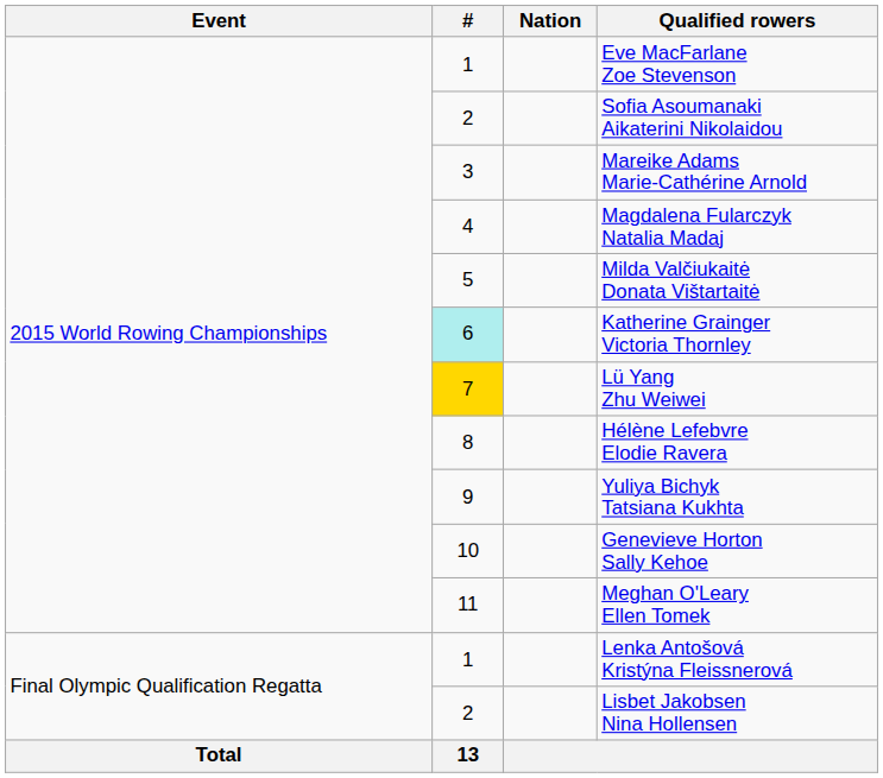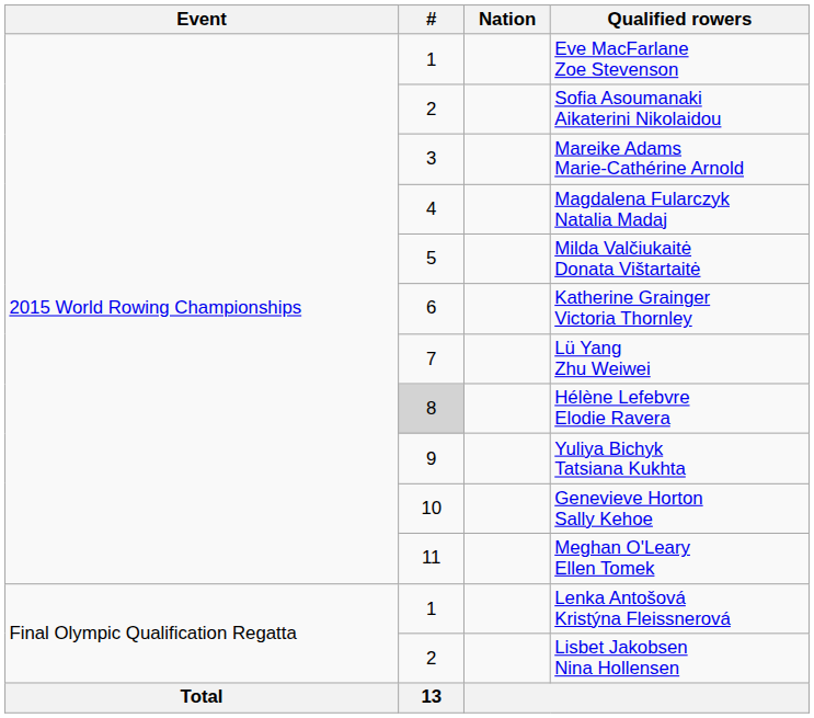 <table class="wikitable"  style="width:700px; text-align:center;">
 <tr>
 <th>Event</th>
 <th width=50>#</th>
 <th>Nation</th>
 <th>Qualified rowers</th>
 </tr>
 <tr>
 <td rowspan=11 align=left><a href='#'>2015 World Rowing Championships</a></td>
 <td>1</td>
 <td align=left></td>
 <td align=left><a href='#'>Eve MacFarlane</a><br><a href='#'>Zoe Stevenson</a></td>
 </tr>
 <tr>
 <td>2</td>
 <td align=left></td>
 <td align=left><a href='#'>Sofia Asoumanaki</a><br><a href='#'>Aikaterini Nikolaidou</a></td>
 </tr>
 <tr>
 <td>3</td>
 <td align=left></td>
 <td align=left><a href='#'>Mareike Adams</a><br><a href='#'>Marie-Cathérine Arnold</a></td>
 </tr>
 <tr>
 <td>4</td>
 <td align=left></td>
 <td align=left><a href='#'>Magdalena Fularczyk</a><br><a href='#'>Natalia Madaj</a></td>
 </tr>
 <tr>
 <td>5</td>
 <td align=left></td>
 <td align=left><a href='#'>Milda Valčiukaitė</a><br><a href='#'>Donata Vištartaitė</a></td>
 </tr>
 <tr>
-<td style="background: paleturquoise;">6</td>
+<td>6</td>
 <td align=left></td>
 <td align=left><a href='#'>Katherine Grainger</a><br><a href='#'>Victoria Thornley</a></td>
 </tr>
 <tr>
-<td style="background: gold;">7</td>
+<td>7</td>
 <td align=left></td>
 <td align=left><a href='#'>Lü Yang</a><br><a href='#'>Zhu Weiwei</a></td>
 </tr>
 <tr>
-<td>8</td>
+<td style="background: lightgrey;">8</td>
 <td align=left></td>
 <td align=left><a href='#'>Hélène Lefebvre</a><br><a href='#'>Elodie Ravera</a></td>
 </tr>
 <tr>
 <td>9</td>
 <td align=left></td>
 <td align=left><a href='#'>Yuliya Bichyk</a><br><a href='#'>Tatsiana Kukhta</a></td>
 </tr>
 <tr>
 <td>10</td>
 <td align=left></td>
 <td align=left><a href='#'>Genevieve Horton</a><br><a href='#'>Sally Kehoe</a></td>
 </tr>
 <tr>
 <td>11</td>
 <td align=left></td>
 <td align=left><a href='#'>Meghan O'Leary</a><br><a href='#'>Ellen Tomek</a></td>
 </tr>
 <tr>
 <td rowspan=2 align=left>Final Olympic Qualification Regatta</td>
 <td>1</td>
 <td align=left></td>
 <td align=left><a href='#'>Lenka Antošová</a><br><a href='#'>Kristýna Fleissnerová</a></td>
 </tr>
 <tr>
 <td>2</td>
 <td align=left></td>
 <td align=left><a href='#'>Lisbet Jakobsen</a><br><a href='#'>Nina Hollensen</a></td>
 </tr>
 <tr>
 <th>Total</th>
 <th>13</th>
 <th colspan=2></th>
 </tr>
 </table>
